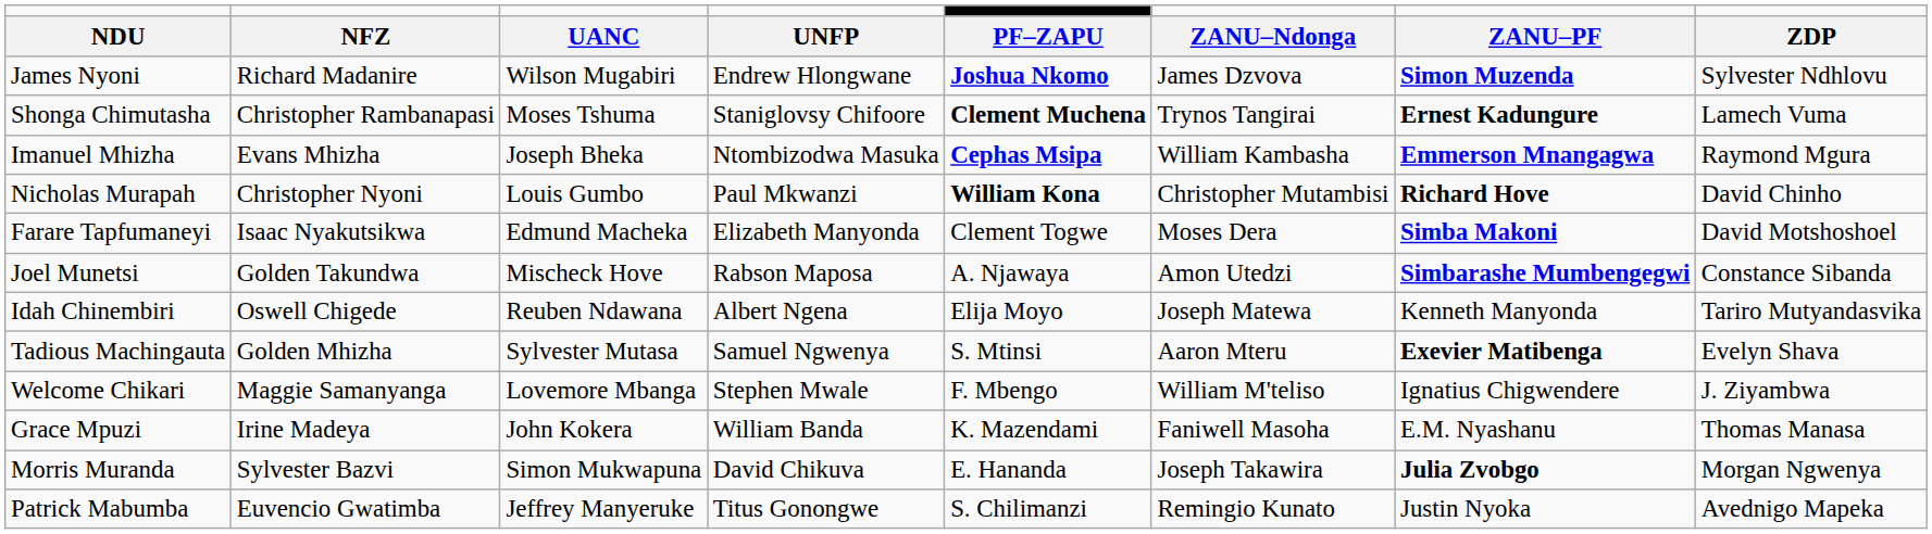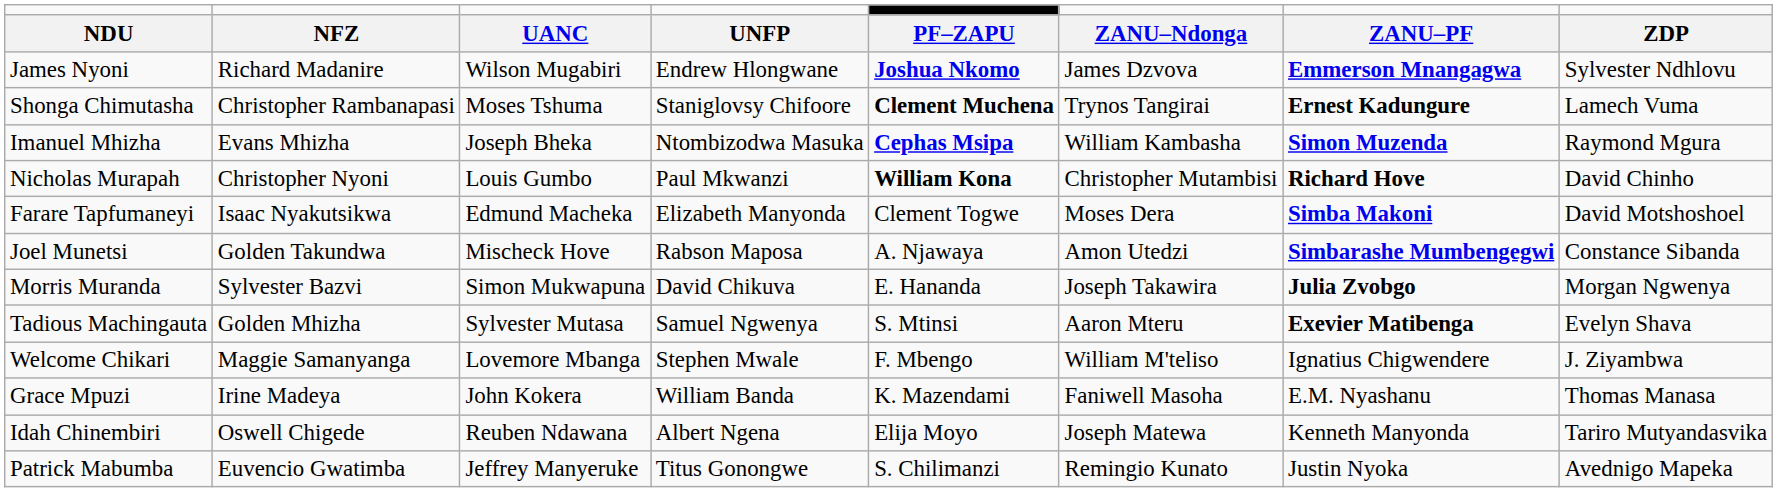 <table class="wikitable">
 <tr>
 <td></td>
 <td></td>
 <td style="background-color: "></td>
 <td style="background-color: "></td>
 <td style="background-color:#000000"></td>
 <td></td>
 <td style="background-color: "></td>
 <td></td>
 </tr>
 <tr>
 <th>NDU</th>
 <th>NFZ</th>
 <th><a href='#'>UANC</a></th>
 <th>UNFP</th>
 <th><a href='#'>PF–ZAPU</a></th>
 <th><a href='#'>ZANU–Ndonga</a></th>
 <th><a href='#'>ZANU–PF</a></th>
 <th>ZDP</th>
 </tr>
 <tr>
 <td>James Nyoni</td>
 <td>Richard Madanire</td>
 <td>Wilson Mugabiri</td>
 <td>Endrew Hlongwane</td>
 <td><strong><a href='#'>Joshua Nkomo</a></strong></td>
 <td>James Dzvova</td>
-<td><strong><a href='#'>Simon Muzenda</a></strong></td>
+<td><strong><a href='#'>Emmerson Mnangagwa</a></strong></td>
 <td>Sylvester Ndhlovu</td>
 </tr>
 <tr>
 <td>Shonga Chimutasha</td>
 <td>Christopher Rambanapasi</td>
 <td>Moses Tshuma</td>
 <td>Staniglovsy Chifoore</td>
 <td><strong>Clement Muchena</strong></td>
 <td>Trynos Tangirai</td>
 <td><strong>Ernest Kadungure</strong></td>
 <td>Lamech Vuma</td>
 </tr>
 <tr>
 <td>Imanuel Mhizha</td>
 <td>Evans Mhizha</td>
 <td>Joseph Bheka</td>
 <td>Ntombizodwa Masuka</td>
 <td><strong><a href='#'>Cephas Msipa</a></strong></td>
 <td>William Kambasha</td>
-<td><strong><a href='#'>Emmerson Mnangagwa</a></strong></td>
+<td><strong><a href='#'>Simon Muzenda</a></strong></td>
 <td>Raymond Mgura</td>
 </tr>
 <tr>
 <td>Nicholas Murapah</td>
 <td>Christopher Nyoni</td>
 <td>Louis Gumbo</td>
 <td>Paul Mkwanzi</td>
 <td><strong>William Kona</strong></td>
 <td>Christopher Mutambisi</td>
 <td><strong>Richard Hove</strong></td>
 <td>David Chinho</td>
 </tr>
 <tr>
 <td>Farare Tapfumaneyi</td>
 <td>Isaac Nyakutsikwa</td>
 <td>Edmund Macheka</td>
 <td>Elizabeth Manyonda</td>
 <td>Clement Togwe</td>
 <td>Moses Dera</td>
 <td><strong><a href='#'>Simba Makoni</a></strong></td>
 <td>David Motshoshoel</td>
 </tr>
 <tr>
 <td>Joel Munetsi</td>
 <td>Golden Takundwa</td>
 <td>Mischeck Hove</td>
 <td>Rabson Maposa</td>
 <td>A. Njawaya</td>
 <td>Amon Utedzi</td>
 <td><strong><a href='#'>Simbarashe Mumbengegwi</a></strong></td>
 <td>Constance Sibanda</td>
 </tr>
 <tr>
-<td>Idah Chinembiri</td>
-<td>Oswell Chigede</td>
-<td>Reuben Ndawana</td>
-<td>Albert Ngena</td>
-<td>Elija Moyo</td>
-<td>Joseph Matewa</td>
-<td>Kenneth Manyonda</td>
-<td>Tariro Mutyandasvika</td>
+<td>Morris Muranda</td>
+<td>Sylvester Bazvi</td>
+<td>Simon Mukwapuna</td>
+<td>David Chikuva</td>
+<td>E. Hananda</td>
+<td>Joseph Takawira</td>
+<td><strong>Julia Zvobgo</strong></td>
+<td>Morgan Ngwenya</td>
 </tr>
 <tr>
 <td>Tadious Machingauta</td>
 <td>Golden Mhizha</td>
 <td>Sylvester Mutasa</td>
 <td>Samuel Ngwenya</td>
 <td>S. Mtinsi</td>
 <td>Aaron Mteru</td>
 <td><strong>Exevier Matibenga</strong></td>
 <td>Evelyn Shava</td>
 </tr>
 <tr>
 <td>Welcome Chikari</td>
 <td>Maggie Samanyanga</td>
 <td>Lovemore Mbanga</td>
 <td>Stephen Mwale</td>
 <td>F. Mbengo</td>
 <td>William M'teliso</td>
 <td>Ignatius Chigwendere</td>
 <td>J. Ziyambwa</td>
 </tr>
 <tr>
 <td>Grace Mpuzi</td>
 <td>Irine Madeya</td>
 <td>John Kokera</td>
 <td>William Banda</td>
 <td>K. Mazendami</td>
 <td>Faniwell Masoha</td>
 <td>E.M. Nyashanu</td>
 <td>Thomas Manasa</td>
 </tr>
 <tr>
-<td>Morris Muranda</td>
-<td>Sylvester Bazvi</td>
-<td>Simon Mukwapuna</td>
-<td>David Chikuva</td>
-<td>E. Hananda</td>
-<td>Joseph Takawira</td>
-<td><strong>Julia Zvobgo</strong></td>
-<td>Morgan Ngwenya</td>
+<td>Idah Chinembiri</td>
+<td>Oswell Chigede</td>
+<td>Reuben Ndawana</td>
+<td>Albert Ngena</td>
+<td>Elija Moyo</td>
+<td>Joseph Matewa</td>
+<td>Kenneth Manyonda</td>
+<td>Tariro Mutyandasvika</td>
 </tr>
 <tr>
 <td>Patrick Mabumba</td>
 <td>Euvencio Gwatimba</td>
 <td>Jeffrey Manyeruke</td>
 <td>Titus Gonongwe</td>
 <td>S. Chilimanzi</td>
 <td>Remingio Kunato</td>
 <td>Justin Nyoka</td>
 <td>Avednigo Mapeka</td>
 </tr>
 </table>
